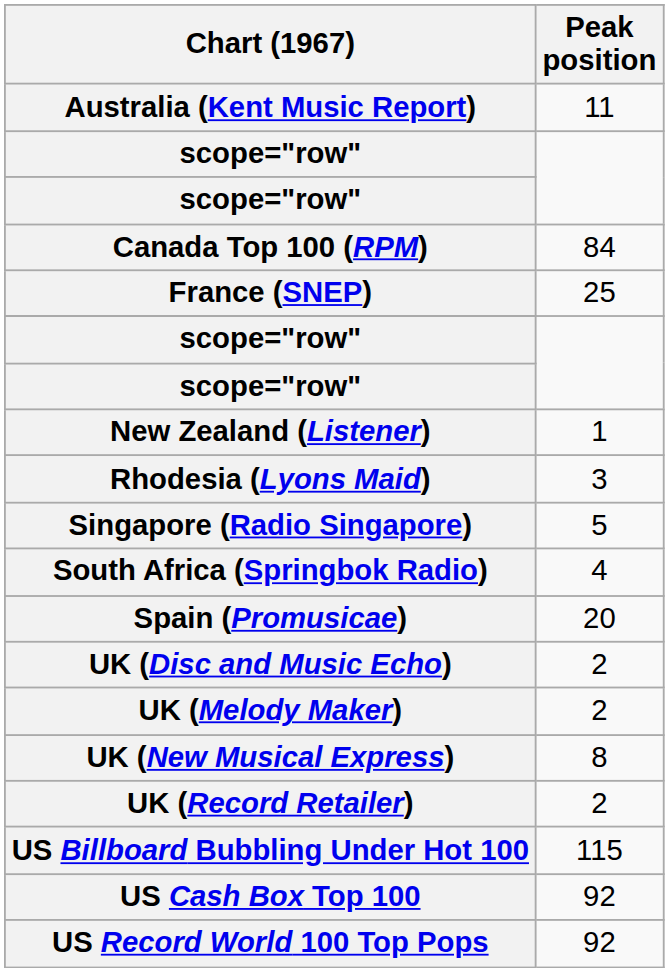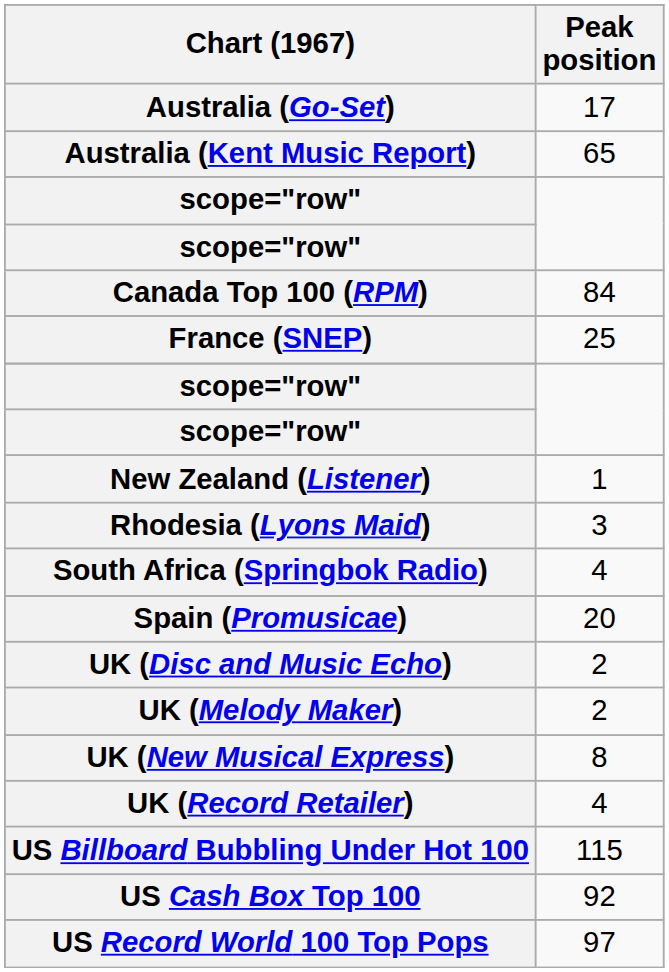 <table class="wikitable sortable plainrowheaders" style="text-align:center;">
 <tr>
 <th scope="col">Chart (1967)</th>
 <th scope="col">Peak<br>position</th>
 </tr>
 <tr>
+<th scope="row">Australia (<em><a href='#'>Go-Set</a></em>)</th>
+<td>17</td>
+</tr>
+<tr>
 <th scope="row">Australia (<a href='#'>Kent Music Report</a>)</th>
-<td>11</td>
+<td>65</td>
 </tr>
 <tr>
 <th>scope="row" </th>
 </tr>
 <tr>
 <th>scope="row" </th>
 </tr>
 <tr>
 <th scope="row">Canada Top 100 (<em><a href='#'>RPM</a></em>)</th>
 <td>84</td>
 </tr>
 <tr>
 <th scope="row">France (<a href='#'>SNEP</a>)</th>
 <td>25</td>
 </tr>
 <tr>
 </tr>
 <tr>
 <th>scope="row" </th>
 </tr>
 <tr>
 <th>scope="row" </th>
 </tr>
 <tr>
 <th scope="row">New Zealand (<em><a href='#'>Listener</a></em>)</th>
 <td>1</td>
 </tr>
 <tr>
 <th scope="row">Rhodesia (<em><a href='#'>Lyons Maid</a></em>)</th>
 <td>3</td>
 </tr>
 <tr>
-<th scope="row">Singapore (<a href='#'>Radio Singapore</a>)</th>
-<td>5</td>
-</tr>
-<tr>
 <th scope="row">South Africa (<a href='#'>Springbok Radio</a>)</th>
 <td>4</td>
 </tr>
 <tr>
 <th scope="row">Spain (<em><a href='#'>Promusicae</a></em>)</th>
 <td>20</td>
 </tr>
 <tr>
 <th scope="row">UK (<em><a href='#'>Disc and Music Echo</a></em>)</th>
 <td>2</td>
 </tr>
 <tr>
 <th scope="row">UK (<em><a href='#'>Melody Maker</a></em>)</th>
 <td>2</td>
 </tr>
 <tr>
 <th scope="row">UK (<em><a href='#'>New Musical Express</a></em>)</th>
 <td>8</td>
 </tr>
 <tr>
 <th scope="row">UK (<em><a href='#'>Record Retailer</a></em>)</th>
-<td>2</td>
+<td>4</td>
 </tr>
 <tr>
 <th scope="row">US <a href='#'><em>Billboard</em> Bubbling Under Hot 100</a></th>
 <td>115</td>
 </tr>
 <tr>
 <th scope="row">US <a href='#'><em>Cash Box</em> Top 100</a></th>
 <td>92</td>
 </tr>
 <tr>
 <th scope="row">US <a href='#'><em>Record World</em> 100 Top Pops</a></th>
-<td>92</td>
+<td>97</td>
 </tr>
 </table>
